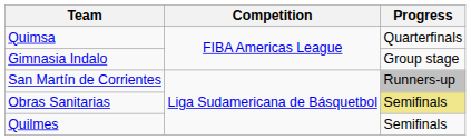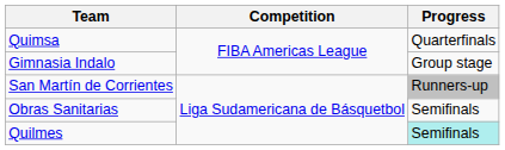 <table class="wikitable">
 <tr>
 <th>Team</th>
 <th>Competition</th>
 <th>Progress</th>
 </tr>
 <tr>
 <td><a href='#'>Quimsa</a></td>
 <td rowspan="2" align="center"><a href='#'>FIBA Americas League</a></td>
 <td>Quarterfinals</td>
 </tr>
 <tr>
 <td><a href='#'>Gimnasia Indalo</a></td>
 <td>Group stage</td>
 </tr>
 <tr>
 <td><a href='#'>San Martín de Corrientes</a></td>
 <td rowspan=3 align=center><a href='#'>Liga Sudamericana de Básquetbol</a></td>
 <td bgcolor=#C0C0C0>Runners-up</td>
 </tr>
 <tr>
 <td><a href='#'>Obras Sanitarias</a></td>
-<td style="background: khaki;">Semifinals</td>
+<td>Semifinals</td>
 </tr>
 <tr>
 <td><a href='#'>Quilmes</a></td>
-<td>Semifinals</td>
+<td style="background: paleturquoise;">Semifinals</td>
 </tr>
 </table>
